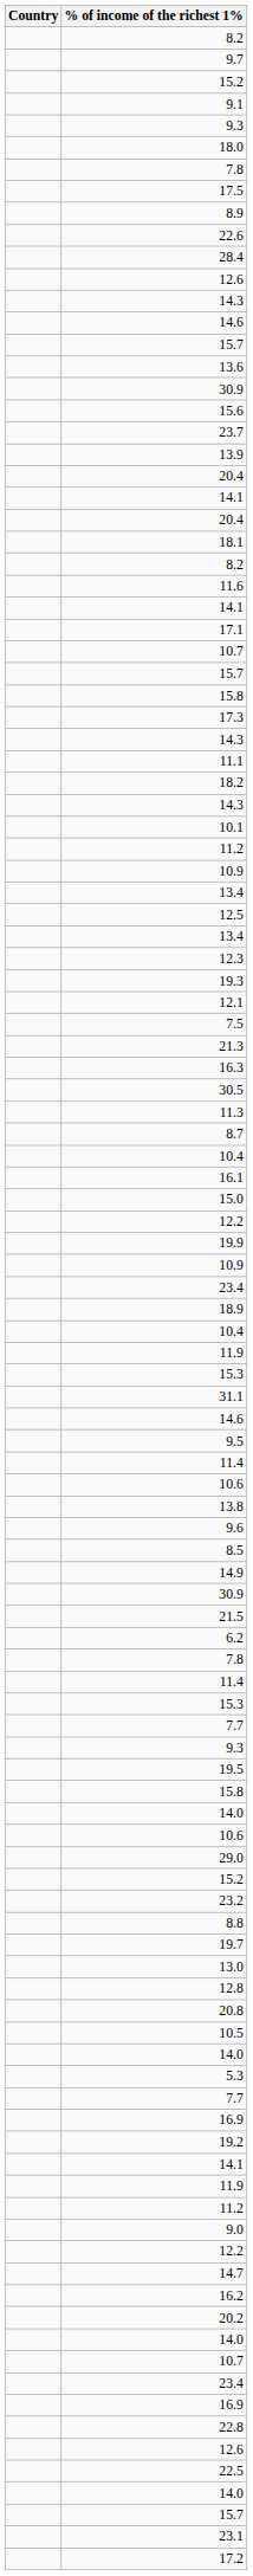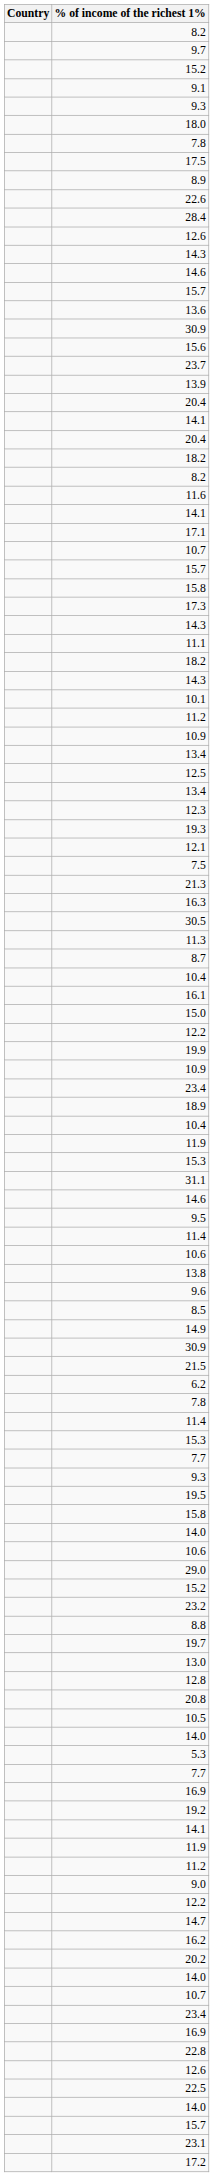 <table class="wikitable sortable static-row-numbers" style="text-align:right;">
 <tr class="static-row-header" style="text-align:center;vertical-align:bottom;">
 <th>Country</th>
 <th>% of income of the richest 1%</th>
 </tr>
 <tr>
 <td></td>
 <td>8.2</td>
 </tr>
 <tr>
 <td></td>
 <td>9.7</td>
 </tr>
 <tr>
 <td></td>
 <td>15.2</td>
 </tr>
 <tr>
 <td></td>
 <td>9.1</td>
 </tr>
 <tr>
 <td></td>
 <td>9.3</td>
 </tr>
 <tr>
 <td></td>
 <td>18.0</td>
 </tr>
 <tr>
 <td></td>
 <td>7.8</td>
 </tr>
 <tr>
 <td></td>
 <td>17.5</td>
 </tr>
 <tr>
 <td></td>
 <td>8.9</td>
 </tr>
 <tr>
 <td></td>
 <td>22.6</td>
 </tr>
 <tr>
 <td></td>
 <td>28.4</td>
 </tr>
 <tr>
 <td></td>
 <td>12.6</td>
 </tr>
 <tr>
 <td></td>
 <td>14.3</td>
 </tr>
 <tr>
 <td></td>
 <td>14.6</td>
 </tr>
 <tr>
 <td></td>
 <td>15.7</td>
 </tr>
 <tr>
 <td></td>
 <td>13.6</td>
 </tr>
 <tr>
 <td></td>
 <td>30.9</td>
 </tr>
 <tr>
 <td></td>
 <td>15.6</td>
 </tr>
 <tr>
 <td></td>
 <td>23.7</td>
 </tr>
 <tr>
 <td></td>
 <td>13.9</td>
 </tr>
 <tr>
 <td></td>
 <td>20.4</td>
 </tr>
 <tr>
 <td></td>
 <td>14.1</td>
 </tr>
 <tr>
 <td></td>
 <td>20.4</td>
 </tr>
 <tr>
 <td></td>
-<td>18.1</td>
+<td>18.2</td>
 </tr>
 <tr>
 <td></td>
 <td>8.2</td>
 </tr>
 <tr>
 <td></td>
 <td>11.6</td>
 </tr>
 <tr>
 <td></td>
 <td>14.1</td>
 </tr>
 <tr>
 <td></td>
 <td>17.1</td>
 </tr>
 <tr>
 <td></td>
 <td>10.7</td>
 </tr>
 <tr>
 <td></td>
 <td>15.7</td>
 </tr>
 <tr>
 <td></td>
 <td>15.8</td>
 </tr>
 <tr>
 <td></td>
 <td>17.3</td>
 </tr>
 <tr>
 <td></td>
 <td>14.3</td>
 </tr>
 <tr>
 <td></td>
 <td>11.1</td>
 </tr>
 <tr>
 <td></td>
 <td>18.2</td>
 </tr>
 <tr>
 <td></td>
 <td>14.3</td>
 </tr>
 <tr>
 <td></td>
 <td>10.1</td>
 </tr>
 <tr>
 <td></td>
 <td>11.2</td>
 </tr>
 <tr>
 <td></td>
 <td>10.9</td>
 </tr>
 <tr>
 <td></td>
 <td>13.4</td>
 </tr>
 <tr>
 <td></td>
 <td>12.5</td>
 </tr>
 <tr>
 <td></td>
 <td>13.4</td>
 </tr>
 <tr>
 <td></td>
 <td>12.3</td>
 </tr>
 <tr>
 <td></td>
 <td>19.3</td>
 </tr>
 <tr>
 <td></td>
 <td>12.1</td>
 </tr>
 <tr>
 <td></td>
 <td>7.5</td>
 </tr>
 <tr>
 <td></td>
 <td>21.3</td>
 </tr>
 <tr>
 <td></td>
 <td>16.3</td>
 </tr>
 <tr>
 <td></td>
 <td>30.5</td>
 </tr>
 <tr>
 <td></td>
 <td>11.3</td>
 </tr>
 <tr>
 <td></td>
 <td>8.7</td>
 </tr>
 <tr>
 <td></td>
 <td>10.4</td>
 </tr>
 <tr>
 <td></td>
 <td>16.1</td>
 </tr>
 <tr>
 <td></td>
 <td>15.0</td>
 </tr>
 <tr>
 <td></td>
 <td>12.2</td>
 </tr>
 <tr>
 <td></td>
 <td>19.9</td>
 </tr>
 <tr>
 <td></td>
 <td>10.9</td>
 </tr>
 <tr>
 <td></td>
 <td>23.4</td>
 </tr>
 <tr>
 <td></td>
 <td>18.9</td>
 </tr>
 <tr>
 <td></td>
 <td>10.4</td>
 </tr>
 <tr>
 <td></td>
 <td>11.9</td>
 </tr>
 <tr>
 <td></td>
 <td>15.3</td>
 </tr>
 <tr>
 <td></td>
 <td>31.1</td>
 </tr>
 <tr>
 <td></td>
 <td>14.6</td>
 </tr>
 <tr>
 <td></td>
 <td>9.5</td>
 </tr>
 <tr>
 <td></td>
 <td>11.4</td>
 </tr>
 <tr>
 <td></td>
 <td>10.6</td>
 </tr>
 <tr>
 <td></td>
 <td>13.8</td>
 </tr>
 <tr>
 <td></td>
 <td>9.6</td>
 </tr>
 <tr>
 <td></td>
 <td>8.5</td>
 </tr>
 <tr>
 <td></td>
 <td>14.9</td>
 </tr>
 <tr>
 <td></td>
 <td>30.9</td>
 </tr>
 <tr>
 <td></td>
 <td>21.5</td>
 </tr>
 <tr>
 <td></td>
 <td>6.2</td>
 </tr>
 <tr>
 <td></td>
 <td>7.8</td>
 </tr>
 <tr>
 <td></td>
 <td>11.4</td>
 </tr>
 <tr>
 <td></td>
 <td>15.3</td>
 </tr>
 <tr>
 <td></td>
 <td>7.7</td>
 </tr>
 <tr>
 <td></td>
 <td>9.3</td>
 </tr>
 <tr>
 <td></td>
 <td>19.5</td>
 </tr>
 <tr>
 <td></td>
 <td>15.8</td>
 </tr>
 <tr>
 <td></td>
 <td>14.0</td>
 </tr>
 <tr>
 <td></td>
 <td>10.6</td>
 </tr>
 <tr>
 <td></td>
 <td>29.0</td>
 </tr>
 <tr>
 <td></td>
 <td>15.2</td>
 </tr>
 <tr>
 <td></td>
 <td>23.2</td>
 </tr>
 <tr>
 <td></td>
 <td>8.8</td>
 </tr>
 <tr>
 <td></td>
 <td>19.7</td>
 </tr>
 <tr>
 <td></td>
 <td>13.0</td>
 </tr>
 <tr>
 <td></td>
 <td>12.8</td>
 </tr>
 <tr>
 <td></td>
 <td>20.8</td>
 </tr>
 <tr>
 <td></td>
 <td>10.5</td>
 </tr>
 <tr>
 <td></td>
 <td>14.0</td>
 </tr>
 <tr>
 <td></td>
 <td>5.3</td>
 </tr>
 <tr>
 <td></td>
 <td>7.7</td>
 </tr>
 <tr>
 <td></td>
 <td>16.9</td>
 </tr>
 <tr>
 <td></td>
 <td>19.2</td>
 </tr>
 <tr>
 <td></td>
 <td>14.1</td>
 </tr>
 <tr>
 <td></td>
 <td>11.9</td>
 </tr>
 <tr>
 <td></td>
 <td>11.2</td>
 </tr>
 <tr>
 <td></td>
 <td>9.0</td>
 </tr>
 <tr>
 <td></td>
 <td>12.2</td>
 </tr>
 <tr>
 <td></td>
 <td>14.7</td>
 </tr>
 <tr>
 <td></td>
 <td>16.2</td>
 </tr>
 <tr>
 <td></td>
 <td>20.2</td>
 </tr>
 <tr>
 <td></td>
 <td>14.0</td>
 </tr>
 <tr>
 <td></td>
 <td>10.7</td>
 </tr>
 <tr>
 <td></td>
 <td>23.4</td>
 </tr>
 <tr>
 <td></td>
 <td>16.9</td>
 </tr>
 <tr>
 <td></td>
 <td>22.8</td>
 </tr>
 <tr>
 <td></td>
 <td>12.6</td>
 </tr>
 <tr>
 <td></td>
 <td>22.5</td>
 </tr>
 <tr>
 <td></td>
 <td>14.0</td>
 </tr>
 <tr>
 <td></td>
 <td>15.7</td>
 </tr>
 <tr>
 <td></td>
 <td>23.1</td>
 </tr>
 <tr>
 <td></td>
 <td>17.2</td>
 </tr>
 </table>
